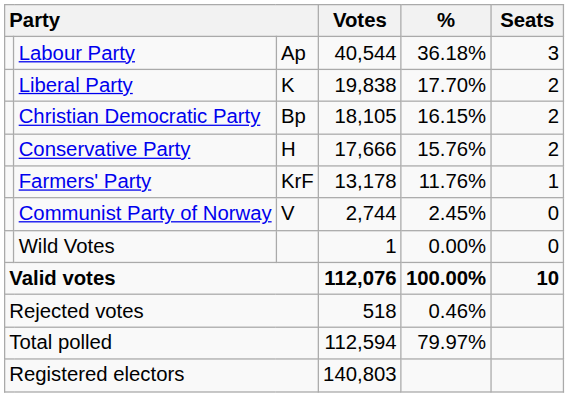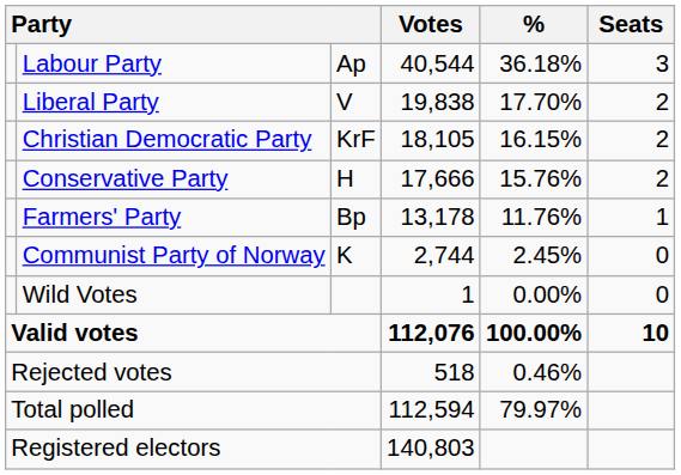 <table class="wikitable" border="1" style="text-align:right;">
 <tr>
 <th style="text-align:left;" colspan=3>Party</th>
 <th align=center width="50">Votes</th>
 <th align=center width="50">%</th>
 <th align=center width="50">Seats</th>
 </tr>
 <tr>
 <td style="color:inherit;background:"></td>
 <td align=left><a href='#'>Labour Party</a></td>
 <td align=left>Ap</td>
 <td>40,544</td>
 <td>36.18%</td>
 <td>3</td>
 </tr>
 <tr>
 <td style="color:inherit;background:"></td>
 <td align=left><a href='#'>Liberal Party</a></td>
-<td align=left>K</td>
+<td align=left>V</td>
 <td>19,838</td>
 <td>17.70%</td>
 <td>2</td>
 </tr>
 <tr>
 <td style="color:inherit;background:"></td>
 <td align=left><a href='#'>Christian Democratic Party</a></td>
-<td align=left>Bp</td>
+<td align=left>KrF</td>
 <td>18,105</td>
 <td>16.15%</td>
 <td>2</td>
 </tr>
 <tr>
 <td style="color:inherit;background:"></td>
 <td align=left><a href='#'>Conservative Party</a></td>
 <td align=left>H</td>
 <td>17,666</td>
 <td>15.76%</td>
 <td>2</td>
 </tr>
 <tr>
 <td style="color:inherit;background:"></td>
 <td align=left><a href='#'>Farmers' Party</a></td>
-<td align=left>KrF</td>
+<td align=left>Bp</td>
 <td>13,178</td>
 <td>11.76%</td>
 <td>1</td>
 </tr>
 <tr>
 <td style="color:inherit;background:"></td>
 <td align=left><a href='#'>Communist Party of Norway</a></td>
-<td align=left>V</td>
+<td align=left>K</td>
 <td>2,744</td>
 <td>2.45%</td>
 <td>0</td>
 </tr>
 <tr>
 <td></td>
 <td align=left>Wild Votes</td>
 <td align=left></td>
 <td>1</td>
 <td>0.00%</td>
 <td>0</td>
 </tr>
 <tr style="font-weight:bold">
 <td align=left colspan=3>Valid votes</td>
 <td>112,076</td>
 <td>100.00%</td>
 <td>10</td>
 </tr>
 <tr>
 <td align=left colspan=3>Rejected votes</td>
 <td>518</td>
 <td>0.46%</td>
 <td></td>
 </tr>
 <tr>
 <td align=left colspan=3>Total polled</td>
 <td>112,594</td>
 <td>79.97%</td>
 <td></td>
 </tr>
 <tr>
 <td align=left colspan=3>Registered electors</td>
 <td>140,803</td>
 <td></td>
 <td></td>
 </tr>
 </table>
